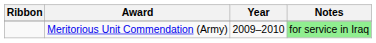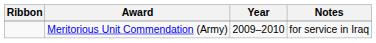 <table class="wikitable" align="left">
 <tr bgcolor="#efefef">
 <th>Ribbon</th>
 <th>Award</th>
 <th>Year</th>
 <th>Notes</th>
 </tr>
 <tr>
 </tr>
 <tr>
 <td></td>
 <td><a href='#'>Meritorious Unit Commendation</a> (Army)</td>
 <td>2009–2010</td>
-<td style="background: lightgreen;">for service in Iraq</td>
+<td>for service in Iraq</td>
 </tr>
 </table>
